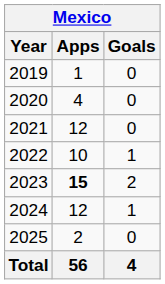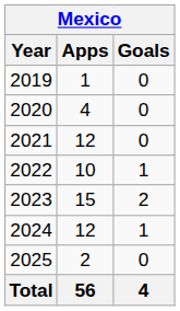 <table class="wikitable" style="text-align:center">
 <tr>
 <th colspan="3"><a href='#'>Mexico</a></th>
 </tr>
 <tr>
 <th>Year</th>
 <th>Apps</th>
 <th>Goals</th>
 </tr>
 <tr>
 <td>2019</td>
 <td>1</td>
 <td>0</td>
 </tr>
 <tr>
 <td>2020</td>
 <td>4</td>
 <td>0</td>
 </tr>
 <tr>
 <td>2021</td>
 <td>12</td>
 <td>0</td>
 </tr>
 <tr>
 <td>2022</td>
 <td>10</td>
 <td>1</td>
 </tr>
 <tr>
 <td>2023</td>
-<td><strong>15</strong></td>
+<td>15</td>
 <td>2</td>
 </tr>
 <tr>
 <td>2024</td>
 <td>12</td>
 <td>1</td>
 </tr>
 <tr>
 <td>2025</td>
 <td>2</td>
 <td>0</td>
 </tr>
 <tr>
 <th>Total</th>
 <th>56</th>
 <th>4</th>
 </tr>
 </table>
